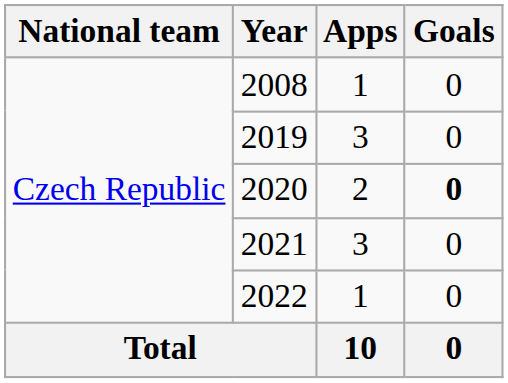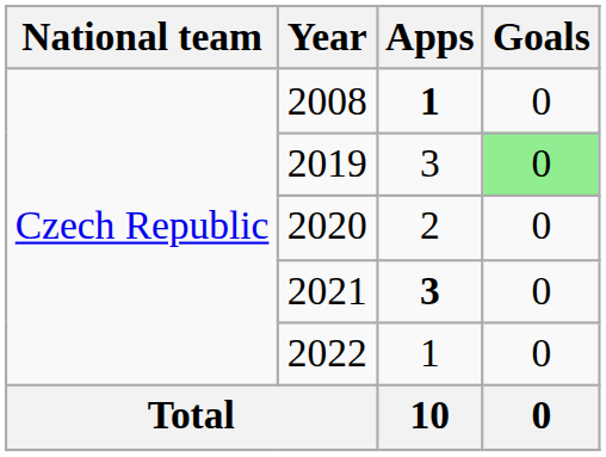 <table class="wikitable" style="text-align:center">
 <tr>
 <th>National team</th>
 <th>Year</th>
 <th>Apps</th>
 <th>Goals</th>
 </tr>
 <tr>
 <td rowspan="5"><a href='#'>Czech Republic</a></td>
 <td>2008</td>
-<td>1</td>
+<td><strong>1</strong></td>
 <td>0</td>
 </tr>
 <tr>
 <td>2019</td>
 <td>3</td>
-<td>0</td>
+<td style="background: lightgreen;">0</td>
 </tr>
 <tr>
 <td>2020</td>
 <td>2</td>
-<td><strong>0</strong></td>
+<td>0</td>
 </tr>
 <tr>
 <td>2021</td>
-<td>3</td>
+<td><strong>3</strong></td>
 <td>0</td>
 </tr>
 <tr>
 <td>2022</td>
 <td>1</td>
 <td>0</td>
 </tr>
 <tr>
 <th colspan="2">Total</th>
 <th>10</th>
 <th>0</th>
 </tr>
 </table>
